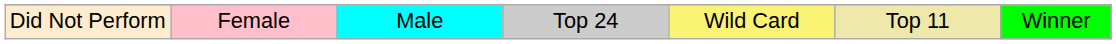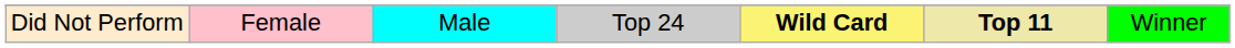 <table class="wikitable" style="margin:1em auto; text-align:center;">
 <tr>
 </tr>
 <tr>
 <td style="background:#ffebcd; width:15%;">Did Not Perform</td>
 <td style="background:pink; width:15%;">Female</td>
 <td style="background:cyan; width:15%;">Male</td>
 <td style="background:#ccc; width:15%;">Top 24</td>
-<td style="background:#fbf373; width:15%;">Wild Card</td>
-<td style="background:palegoldenrod; width:15%;">Top 11</td>
+<td style="background:#fbf373; width:15%;"><strong>Wild Card</strong></td>
+<td style="background:palegoldenrod; width:15%;"><strong>Top 11</strong></td>
 <td style="background:lime; width:15%;">Winner</td>
 </tr>
 </table>
